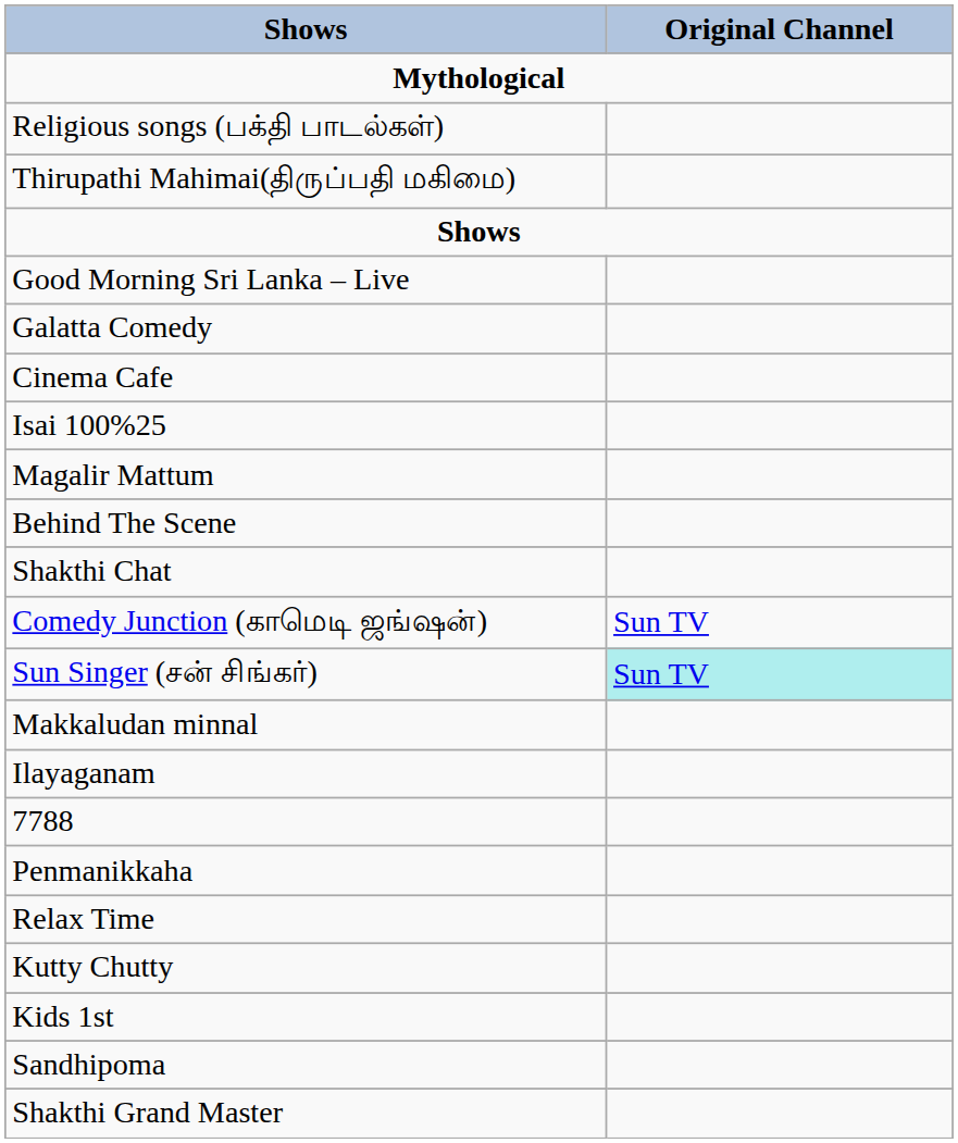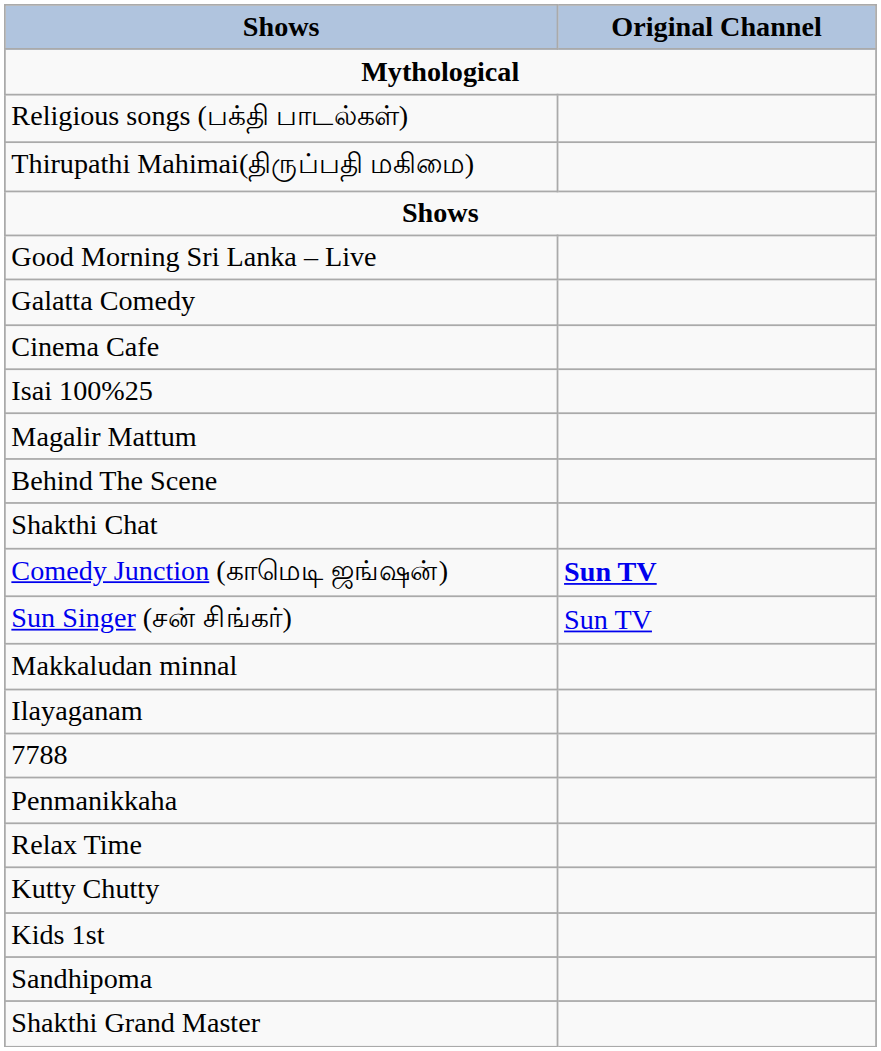 <table class="wikitable" |->
 <tr>
 <th style="width:230pt; background:LightSteelBlue;">Shows</th>
 <th style="width:130pt; background:LightSteelBlue;">Original Channel</th>
 </tr>
 <tr>
 <td colspan="3" style="text-align:center;"><strong>Mythological</strong></td>
 </tr>
 <tr>
 <td>Religious songs (பக்தி பாடல்கள்)</td>
 <td></td>
 </tr>
 <tr>
 <td>Thirupathi Mahimai(திருப்பதி மகிமை)</td>
 <td></td>
 </tr>
 <tr>
 <td colspan="3" style="text-align:center;"><strong>Shows</strong></td>
 </tr>
 <tr>
 <td>Good Morning Sri Lanka – Live</td>
 <td></td>
 </tr>
 <tr>
 <td>Galatta Comedy</td>
 <td></td>
 </tr>
 <tr>
 <td>Cinema Cafe</td>
 <td></td>
 </tr>
 <tr>
 <td>Isai 100%25</td>
 <td></td>
 </tr>
 <tr>
 <td>Magalir Mattum</td>
 <td></td>
 </tr>
 <tr>
 <td>Behind The Scene</td>
 <td></td>
 </tr>
 <tr>
 <td>Shakthi Chat</td>
 <td></td>
 </tr>
 <tr>
 <td><a href='#'>Comedy Junction</a> (காமெடி ஜங்ஷன்)</td>
-<td><a href='#'>Sun TV</a></td>
+<td><strong><a href='#'>Sun TV</a></strong></td>
 </tr>
 <tr>
 <td><a href='#'>Sun Singer</a> (சன் சிங்கர்)</td>
-<td style="background: paleturquoise;"><a href='#'>Sun TV</a></td>
+<td><a href='#'>Sun TV</a></td>
 </tr>
 <tr>
 <td>Makkaludan minnal</td>
 <td></td>
 </tr>
 <tr>
 <td>Ilayaganam</td>
 <td></td>
 </tr>
 <tr>
 <td>7788</td>
 <td></td>
 </tr>
 <tr>
 <td>Penmanikkaha</td>
 <td></td>
 </tr>
 <tr>
 <td>Relax Time</td>
 <td></td>
 </tr>
 <tr>
 <td>Kutty Chutty</td>
 <td></td>
 </tr>
 <tr>
 <td>Kids 1st</td>
 <td></td>
 </tr>
 <tr>
 <td>Sandhipoma</td>
 <td></td>
 </tr>
 <tr>
 <td>Shakthi Grand Master</td>
 <td></td>
 </tr>
 </table>
